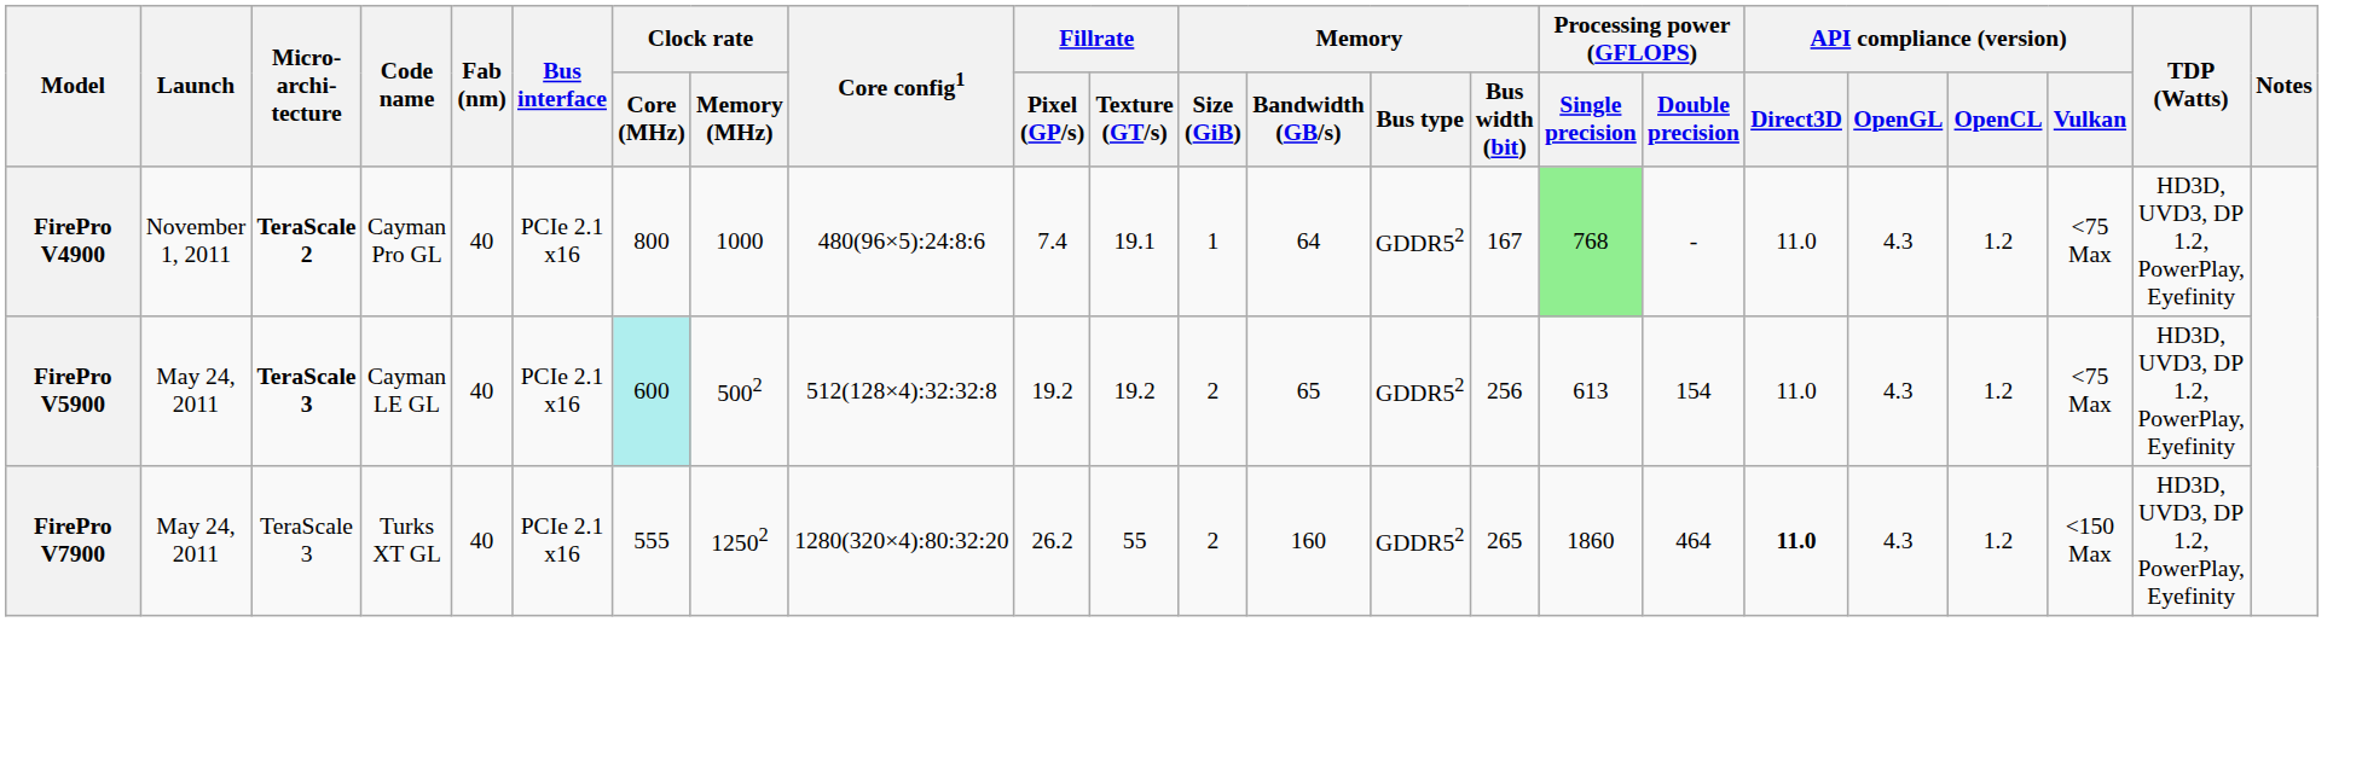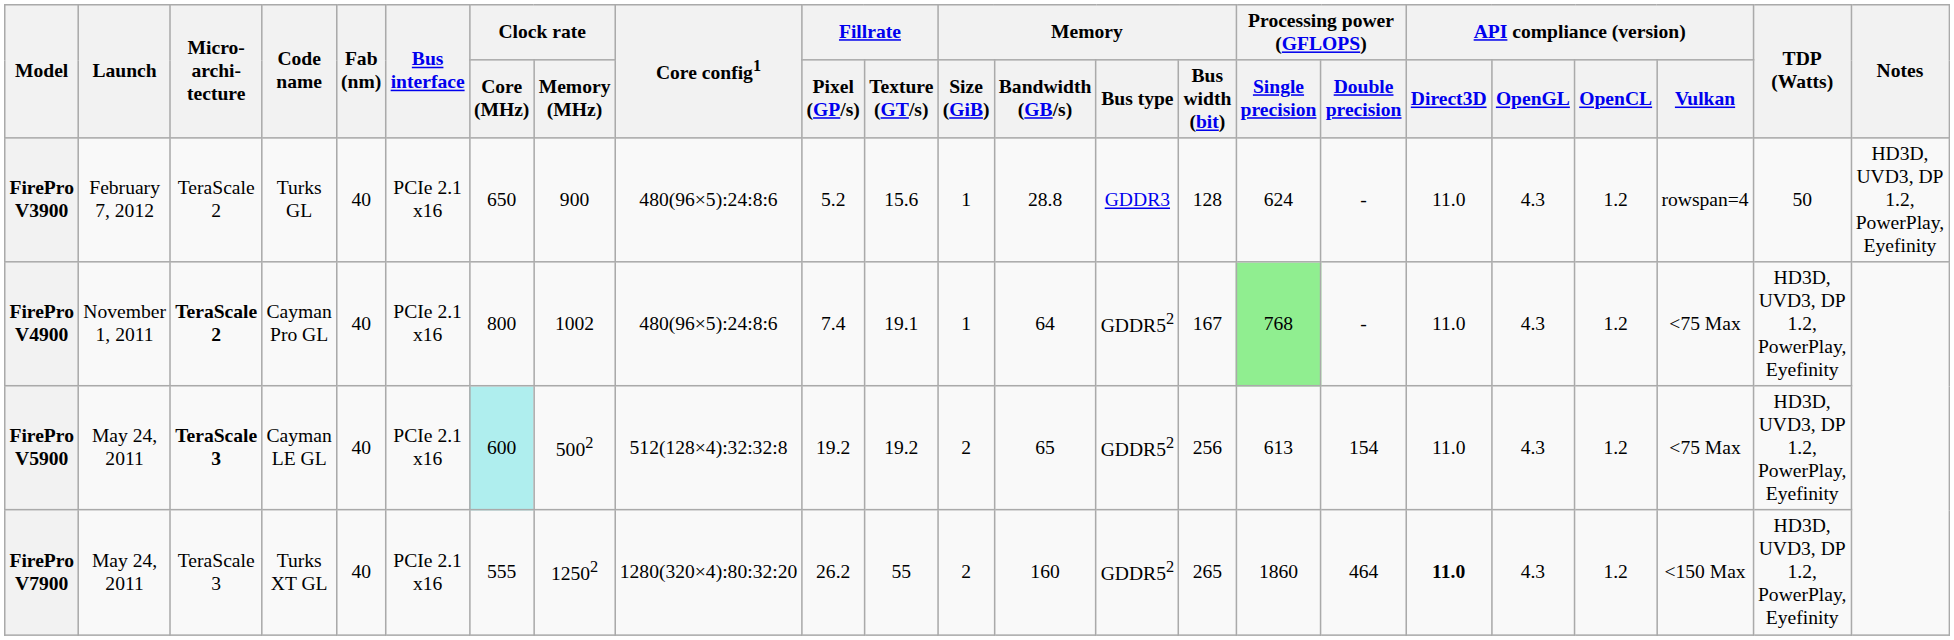 <table class="wikitable" style="font-size: 80%; text-align:center;">
 <tr>
 <th rowspan="2" style="width:10em">Model</th>
 <th rowspan="2">Launch</th>
 <th rowspan="2">Micro-archi-tecture</th>
 <th rowspan="2">Code name</th>
 <th rowspan="2">Fab (nm)</th>
 <th rowspan="2"><a href='#'>Bus</a> <a href='#'>interface</a></th>
 <th colspan="2">Clock rate</th>
 <th rowspan="2">Core config<sup>1</sup></th>
 <th colspan="2"><a href='#'>Fillrate</a></th>
 <th colspan="4">Memory</th>
 <th colspan="2">Processing power<br>(<a href='#'>GFLOPS</a>)</th>
 <th colspan="4"><a href='#'>API</a> compliance (version)</th>
 <th rowspan="2">TDP (Watts)</th>
 <th rowspan="2">Notes</th>
 </tr>
 <tr>
 <th>Core (MHz)</th>
 <th>Memory (MHz)</th>
 <th>Pixel (<a href='#'>GP</a>/s)</th>
 <th>Texture (<a href='#'>GT</a>/s)</th>
 <th>Size (<a href='#'>GiB</a>)</th>
 <th>Bandwidth (<a href='#'>GB</a>/s)</th>
 <th>Bus type</th>
 <th>Bus width (<a href='#'>bit</a>)</th>
 <th><a href='#'>Single precision</a></th>
 <th><a href='#'>Double precision</a></th>
 <th><a href='#'>Direct3D</a></th>
 <th><a href='#'>OpenGL</a></th>
 <th><a href='#'>OpenCL</a></th>
 <th><a href='#'>Vulkan</a></th>
 </tr>
 <tr>
+<th>FirePro V3900</th>
+<td>February 7, 2012</td>
+<td>TeraScale 2</td>
+<td>Turks GL</td>
+<td>40</td>
+<td>PCIe 2.1 x16</td>
+<td>650</td>
+<td>900</td>
+<td>480(96×5):24:8:6</td>
+<td>5.2</td>
+<td>15.6</td>
+<td>1</td>
+<td>28.8</td>
+<td><a href='#'>GDDR3</a></td>
+<td>128</td>
+<td>624</td>
+<td>-</td>
+<td>11.0</td>
+<td>4.3</td>
+<td>1.2</td>
+<td>rowspan=4 </td>
+<td>50</td>
+<td>HD3D, UVD3, DP 1.2, PowerPlay, Eyefinity</td>
+</tr>
+<tr>
 <th>FirePro V4900</th>
 <td>November 1, 2011</td>
 <td><strong>TeraScale 2</strong></td>
 <td>Cayman Pro GL</td>
 <td>40</td>
 <td>PCIe 2.1 x16</td>
 <td>800</td>
-<td>1000</td>
+<td>1002</td>
 <td>480(96×5):24:8:6</td>
 <td>7.4</td>
 <td>19.1</td>
 <td>1</td>
 <td>64</td>
 <td>GDDR5<sup>2</sup></td>
 <td>167</td>
 <td style="background: lightgreen;">768</td>
 <td>-</td>
 <td>11.0</td>
 <td>4.3</td>
 <td>1.2</td>
 <td><75 Max</td>
 <td>HD3D, UVD3, DP 1.2, PowerPlay, Eyefinity</td>
 </tr>
 <tr>
 <th>FirePro V5900</th>
 <td>May 24, 2011</td>
 <td><strong>TeraScale 3</strong></td>
 <td>Cayman LE GL</td>
 <td>40</td>
 <td>PCIe 2.1 x16</td>
 <td style="background: paleturquoise;">600</td>
 <td>500<sup>2</sup></td>
 <td>512(128×4):32:32:8</td>
 <td>19.2</td>
 <td>19.2</td>
 <td>2</td>
 <td>65</td>
 <td>GDDR5<sup>2</sup></td>
 <td>256</td>
 <td>613</td>
 <td>154</td>
 <td>11.0</td>
 <td>4.3</td>
 <td>1.2</td>
 <td><75 Max</td>
 <td>HD3D, UVD3, DP 1.2, PowerPlay, Eyefinity</td>
 </tr>
 <tr>
 <th>FirePro V7900</th>
 <td>May 24, 2011</td>
 <td>TeraScale 3</td>
 <td>Turks XT GL</td>
 <td>40</td>
 <td>PCIe 2.1 x16</td>
 <td>555</td>
 <td>1250<sup>2</sup></td>
 <td>1280(320×4):80:32:20</td>
 <td>26.2</td>
 <td>55</td>
 <td>2</td>
 <td>160</td>
 <td>GDDR5<sup>2</sup></td>
 <td>265</td>
 <td>1860</td>
 <td>464</td>
 <td><strong>11.0</strong></td>
 <td>4.3</td>
 <td>1.2</td>
 <td><150 Max</td>
 <td>HD3D, UVD3, DP 1.2, PowerPlay, Eyefinity</td>
 </tr>
 </table>
